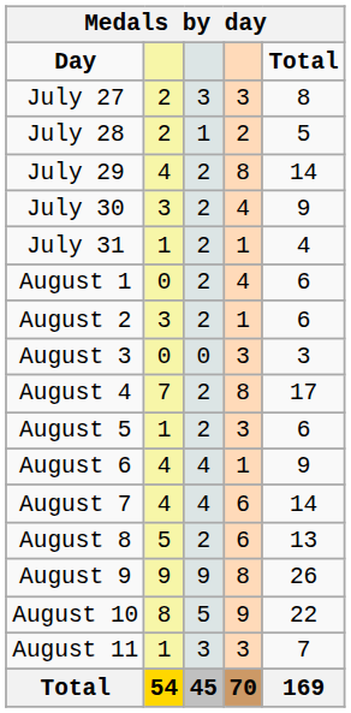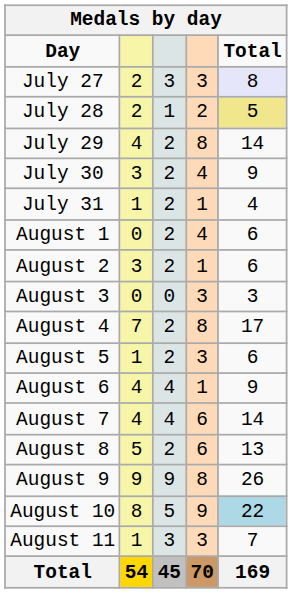 <table class="wikitable" style="font-size:85%; float:right">
 <tr align=center>
 <th colspan=7><strong>Medals by day</strong></th>
 </tr>
 <tr align=center>
 <td><strong>Day</strong></td>
 <td style="background:#f7f6a8;"></td>
 <td style="background:#dce5e5;"></td>
 <td style="background:#ffdab9;"></td>
 <td><strong>Total</strong></td>
 </tr>
 <tr align=center>
 <td>July 27</td>
 <td style="background:#f7f6a8;">2</td>
 <td style="background:#dce5e5;">3</td>
 <td style="background:#ffdab9;">3</td>
-<td>8</td>
+<td style="background: lavender;">8</td>
 </tr>
 <tr align=center>
 <td>July 28</td>
 <td style="background:#f7f6a8;">2</td>
 <td style="background:#dce5e5;">1</td>
 <td style="background:#ffdab9;">2</td>
-<td>5</td>
+<td style="background: khaki;">5</td>
 </tr>
 <tr align=center>
 <td>July 29</td>
 <td style="background:#f7f6a8;">4</td>
 <td style="background:#dce5e5;">2</td>
 <td style="background:#ffdab9;">8</td>
 <td>14</td>
 </tr>
 <tr align=center>
 <td>July 30</td>
 <td style="background:#f7f6a8;">3</td>
 <td style="background:#dce5e5;">2</td>
 <td style="background:#ffdab9;">4</td>
 <td>9</td>
 </tr>
 <tr align=center>
 <td>July 31</td>
 <td style="background:#f7f6a8;">1</td>
 <td style="background:#dce5e5;">2</td>
 <td style="background:#ffdab9;">1</td>
 <td>4</td>
 </tr>
 <tr align=center>
 <td>August 1</td>
 <td style="background:#f7f6a8;">0</td>
 <td style="background:#dce5e5;">2</td>
 <td style="background:#ffdab9;">4</td>
 <td>6</td>
 </tr>
 <tr align=center>
 <td>August 2</td>
 <td style="background:#f7f6a8;">3</td>
 <td style="background:#dce5e5;">2</td>
 <td style="background:#ffdab9;">1</td>
 <td>6</td>
 </tr>
 <tr align=center>
 <td>August 3</td>
 <td style="background:#f7f6a8;">0</td>
 <td style="background:#dce5e5;">0</td>
 <td style="background:#ffdab9;">3</td>
 <td>3</td>
 </tr>
 <tr align=center>
 <td>August 4</td>
 <td style="background:#f7f6a8;">7</td>
 <td style="background:#dce5e5;">2</td>
 <td style="background:#ffdab9;">8</td>
 <td>17</td>
 </tr>
 <tr align=center>
 <td>August 5</td>
 <td style="background:#f7f6a8;">1</td>
 <td style="background:#dce5e5;">2</td>
 <td style="background:#ffdab9;">3</td>
 <td>6</td>
 </tr>
 <tr align=center>
 <td>August 6</td>
 <td style="background:#f7f6a8;">4</td>
 <td style="background:#dce5e5;">4</td>
 <td style="background:#ffdab9;">1</td>
 <td>9</td>
 </tr>
 <tr align=center>
 <td>August 7</td>
 <td style="background:#f7f6a8;">4</td>
 <td style="background:#dce5e5;">4</td>
 <td style="background:#ffdab9;">6</td>
 <td>14</td>
 </tr>
 <tr align=center>
 <td>August 8</td>
 <td style="background:#f7f6a8;">5</td>
 <td style="background:#dce5e5;">2</td>
 <td style="background:#ffdab9;">6</td>
 <td>13</td>
 </tr>
 <tr align=center>
 <td>August 9</td>
 <td style="background:#f7f6a8;">9</td>
 <td style="background:#dce5e5;">9</td>
 <td style="background:#ffdab9;">8</td>
 <td>26</td>
 </tr>
 <tr align=center>
 <td>August 10</td>
 <td style="background:#f7f6a8;">8</td>
 <td style="background:#dce5e5;">5</td>
 <td style="background:#ffdab9;">9</td>
-<td>22</td>
+<td style="background: lightblue;">22</td>
 </tr>
 <tr align=center>
 <td>August 11</td>
 <td style="background:#f7f6a8;">1</td>
 <td style="background:#dce5e5;">3</td>
 <td style="background:#ffdab9;">3</td>
 <td>7</td>
 </tr>
 <tr align=center>
 <th><strong>Total</strong></th>
 <th style="background:gold;"><strong>54</strong></th>
 <th style="background:silver;"><strong>45</strong></th>
 <th style="background:#c96;"><strong>70</strong></th>
 <th><strong>169</strong></th>
 </tr>
 </table>
